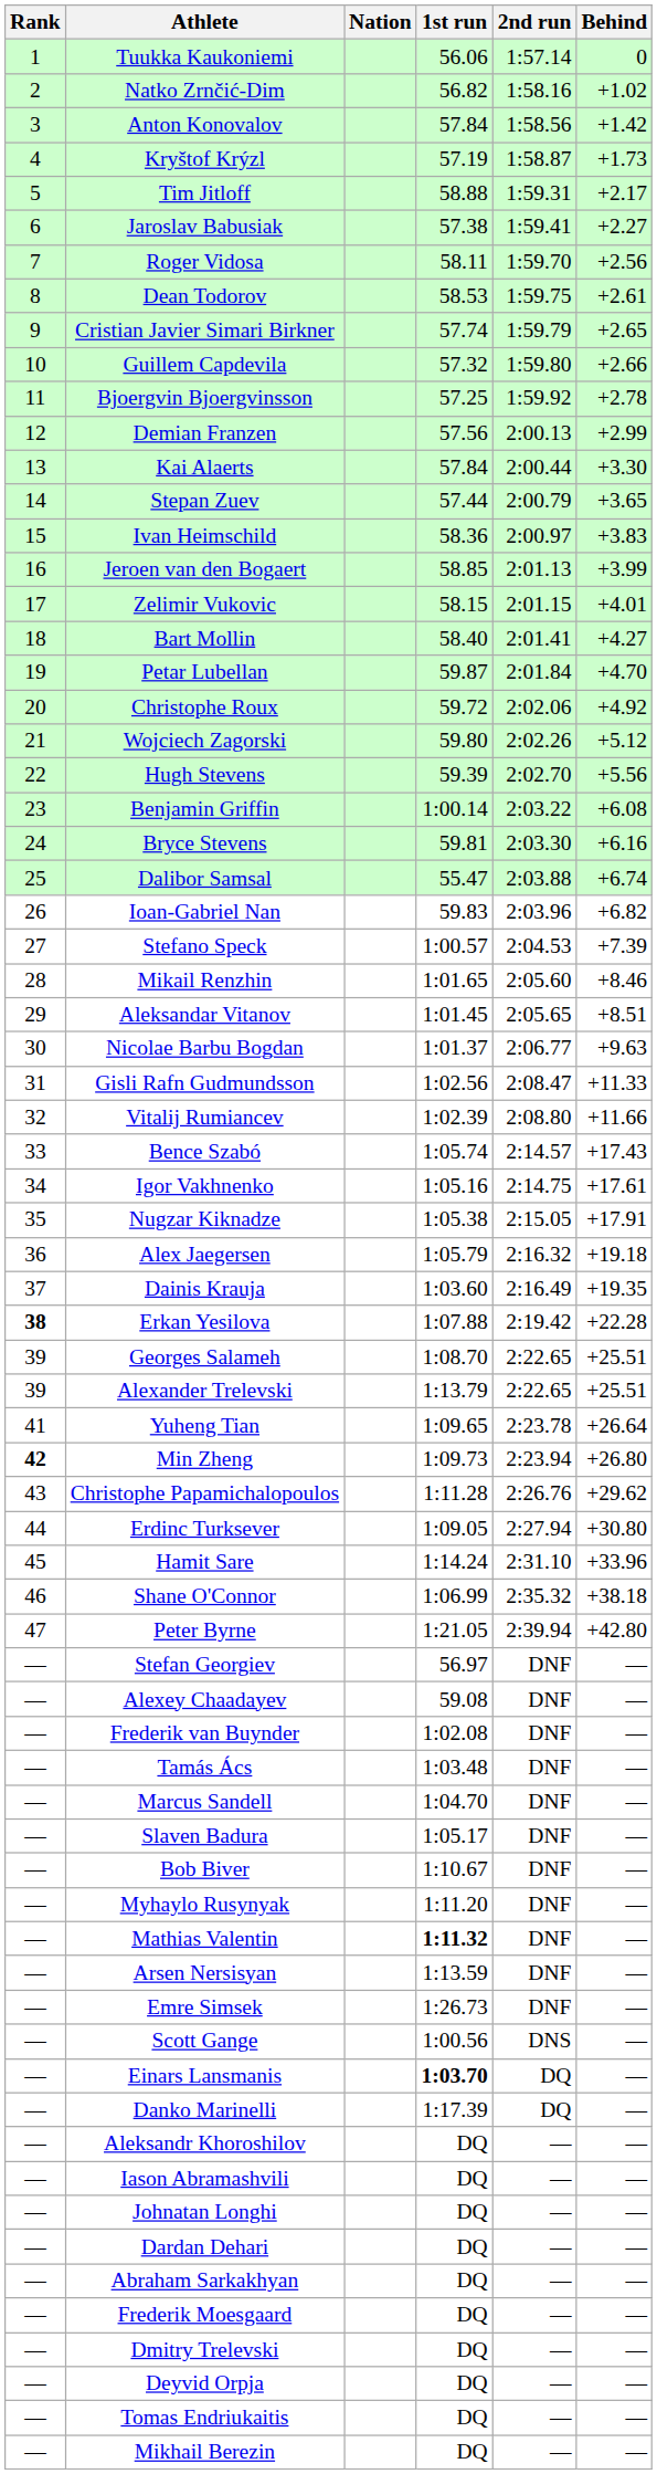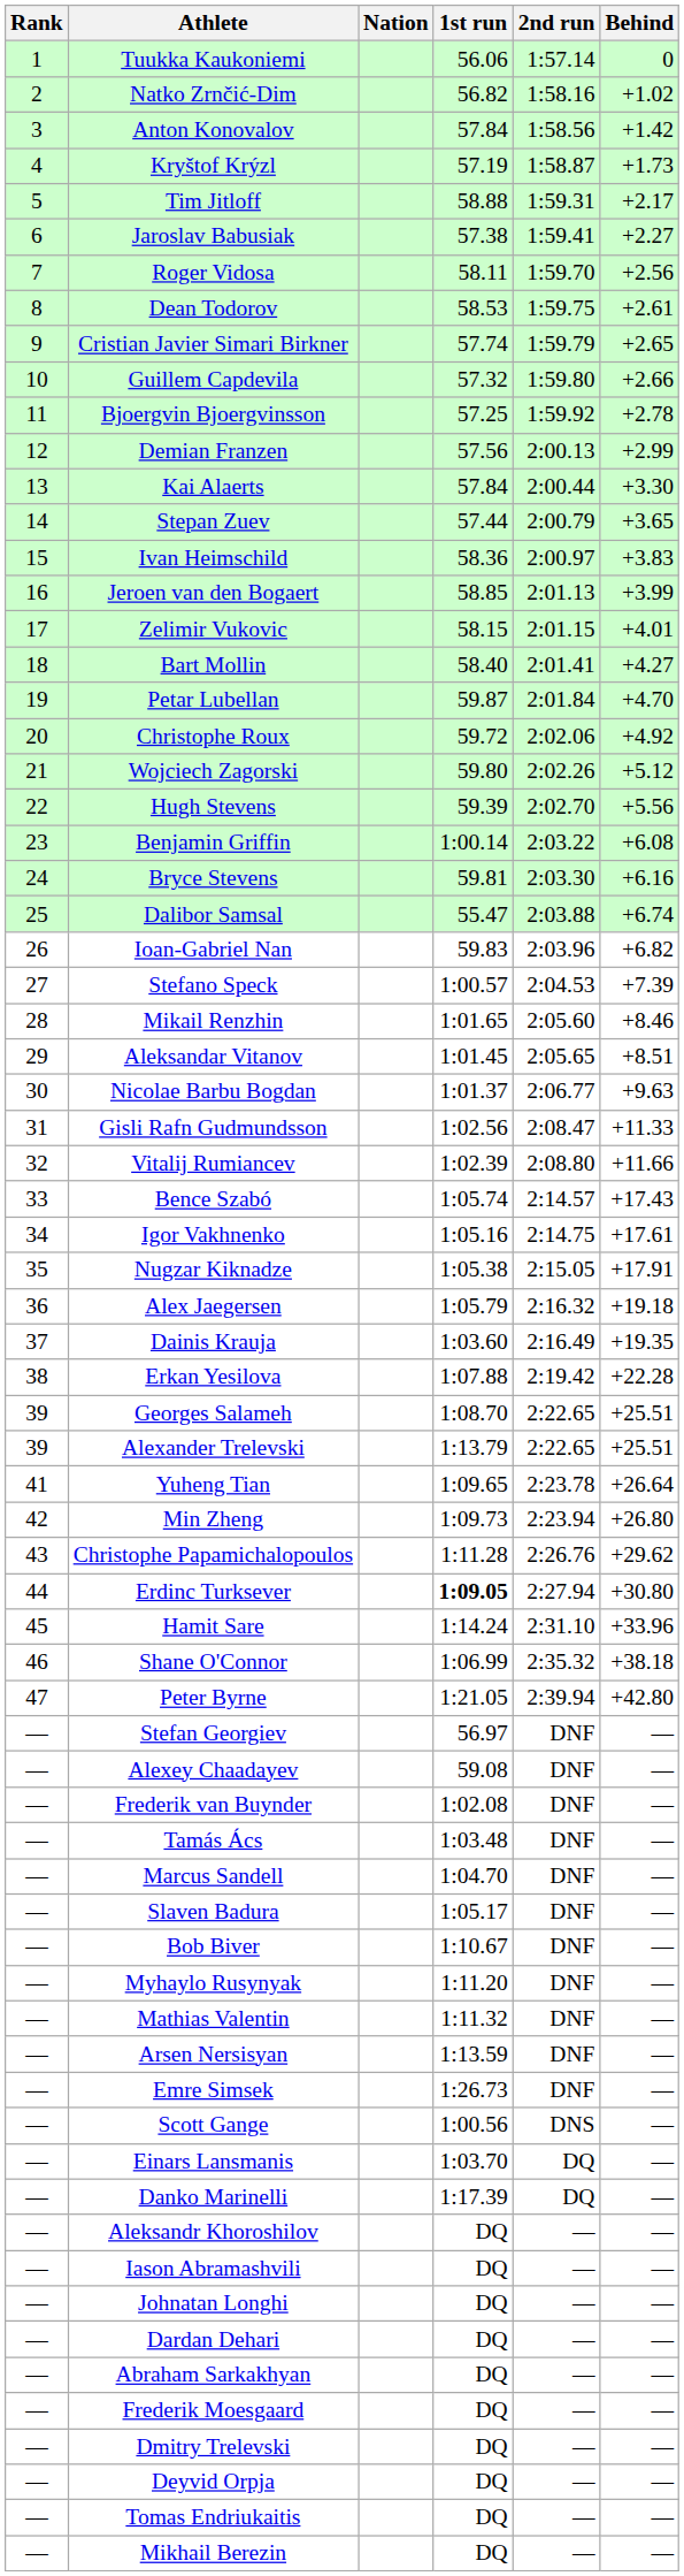 <table class=wikitable>
 <tr>
 <th>Rank</th>
 <th>Athlete</th>
 <th>Nation</th>
 <th>1st run</th>
 <th>2nd run</th>
 <th>Behind</th>
 </tr>
 <tr bgcolor="#CCFFCC">
 <td align="center">1</td>
 <td align="center"><a href='#'>Tuukka Kaukoniemi</a></td>
 <td></td>
 <td align="right">56.06</td>
 <td align="right">1:57.14</td>
 <td align="right">0</td>
 </tr>
 <tr bgcolor="#CCFFCC">
 <td align="center">2</td>
 <td align="center"><a href='#'>Natko Zrnčić-Dim</a></td>
 <td></td>
 <td align="right">56.82</td>
 <td align="right">1:58.16</td>
 <td align="right">+1.02</td>
 </tr>
 <tr bgcolor="#CCFFCC">
 <td align="center">3</td>
 <td align="center"><a href='#'>Anton Konovalov</a></td>
 <td></td>
 <td align="right">57.84</td>
 <td align="right">1:58.56</td>
 <td align="right">+1.42</td>
 </tr>
 <tr bgcolor="#CCFFCC">
 <td align="center">4</td>
 <td align="center"><a href='#'>Kryštof Krýzl</a></td>
 <td></td>
 <td align="right">57.19</td>
 <td align="right">1:58.87</td>
 <td align="right">+1.73</td>
 </tr>
 <tr bgcolor="#CCFFCC">
 <td align="center">5</td>
 <td align="center"><a href='#'>Tim Jitloff</a></td>
 <td></td>
 <td align="right">58.88</td>
 <td align="right">1:59.31</td>
 <td align="right">+2.17</td>
 </tr>
 <tr bgcolor="#CCFFCC">
 <td align="center">6</td>
 <td align="center"><a href='#'>Jaroslav Babusiak</a></td>
 <td></td>
 <td align="right">57.38</td>
 <td align="right">1:59.41</td>
 <td align="right">+2.27</td>
 </tr>
 <tr bgcolor="#CCFFCC">
 <td align="center">7</td>
 <td align="center"><a href='#'>Roger Vidosa</a></td>
 <td></td>
 <td align="right">58.11</td>
 <td align="right">1:59.70</td>
 <td align="right">+2.56</td>
 </tr>
 <tr bgcolor="#CCFFCC">
 <td align="center">8</td>
 <td align="center"><a href='#'>Dean Todorov</a></td>
 <td></td>
 <td align="right">58.53</td>
 <td align="right">1:59.75</td>
 <td align="right">+2.61</td>
 </tr>
 <tr bgcolor="#CCFFCC">
 <td align="center">9</td>
 <td align="center"><a href='#'>Cristian Javier Simari Birkner</a></td>
 <td></td>
 <td align="right">57.74</td>
 <td align="right">1:59.79</td>
 <td align="right">+2.65</td>
 </tr>
 <tr bgcolor="#CCFFCC">
 <td align="center">10</td>
 <td align="center"><a href='#'>Guillem Capdevila</a></td>
 <td></td>
 <td align="right">57.32</td>
 <td align="right">1:59.80</td>
 <td align="right">+2.66</td>
 </tr>
 <tr bgcolor="#CCFFCC">
 <td align="center">11</td>
 <td align="center"><a href='#'>Bjoergvin Bjoergvinsson</a></td>
 <td></td>
 <td align="right">57.25</td>
 <td align="right">1:59.92</td>
 <td align="right">+2.78</td>
 </tr>
 <tr bgcolor="#CCFFCC">
 <td align="center">12</td>
 <td align="center"><a href='#'>Demian Franzen</a></td>
 <td></td>
 <td align="right">57.56</td>
 <td align="right">2:00.13</td>
 <td align="right">+2.99</td>
 </tr>
 <tr bgcolor="#CCFFCC">
 <td align="center">13</td>
 <td align="center"><a href='#'>Kai Alaerts</a></td>
 <td></td>
 <td align="right">57.84</td>
 <td align="right">2:00.44</td>
 <td align="right">+3.30</td>
 </tr>
 <tr bgcolor="#CCFFCC">
 <td align="center">14</td>
 <td align="center"><a href='#'>Stepan Zuev</a></td>
 <td></td>
 <td align="right">57.44</td>
 <td align="right">2:00.79</td>
 <td align="right">+3.65</td>
 </tr>
 <tr bgcolor="#CCFFCC">
 <td align="center">15</td>
 <td align="center"><a href='#'>Ivan Heimschild</a></td>
 <td></td>
 <td align="right">58.36</td>
 <td align="right">2:00.97</td>
 <td align="right">+3.83</td>
 </tr>
 <tr bgcolor="#CCFFCC">
 <td align="center">16</td>
 <td align="center"><a href='#'>Jeroen van den Bogaert</a></td>
 <td></td>
 <td align="right">58.85</td>
 <td align="right">2:01.13</td>
 <td align="right">+3.99</td>
 </tr>
 <tr bgcolor="#CCFFCC">
 <td align="center">17</td>
 <td align="center"><a href='#'>Zelimir Vukovic</a></td>
 <td></td>
 <td align="right">58.15</td>
 <td align="right">2:01.15</td>
 <td align="right">+4.01</td>
 </tr>
 <tr bgcolor="#CCFFCC">
 <td align="center">18</td>
 <td align="center"><a href='#'>Bart Mollin</a></td>
 <td></td>
 <td align="right">58.40</td>
 <td align="right">2:01.41</td>
 <td align="right">+4.27</td>
 </tr>
 <tr bgcolor="#CCFFCC">
 <td align="center">19</td>
 <td align="center"><a href='#'>Petar Lubellan</a></td>
 <td></td>
 <td align="right">59.87</td>
 <td align="right">2:01.84</td>
 <td align="right">+4.70</td>
 </tr>
 <tr bgcolor="#CCFFCC">
 <td align="center">20</td>
 <td align="center"><a href='#'>Christophe Roux</a></td>
 <td></td>
 <td align="right">59.72</td>
 <td align="right">2:02.06</td>
 <td align="right">+4.92</td>
 </tr>
 <tr bgcolor="#CCFFCC">
 <td align="center">21</td>
 <td align="center"><a href='#'>Wojciech Zagorski</a></td>
 <td></td>
 <td align="right">59.80</td>
 <td align="right">2:02.26</td>
 <td align="right">+5.12</td>
 </tr>
 <tr bgcolor="#CCFFCC">
 <td align="center">22</td>
 <td align="center"><a href='#'>Hugh Stevens</a></td>
 <td></td>
 <td align="right">59.39</td>
 <td align="right">2:02.70</td>
 <td align="right">+5.56</td>
 </tr>
 <tr bgcolor="#CCFFCC">
 <td align="center">23</td>
 <td align="center"><a href='#'>Benjamin Griffin</a></td>
 <td></td>
 <td align="right">1:00.14</td>
 <td align="right">2:03.22</td>
 <td align="right">+6.08</td>
 </tr>
 <tr bgcolor="#CCFFCC">
 <td align="center">24</td>
 <td align="center"><a href='#'>Bryce Stevens</a></td>
 <td></td>
 <td align="right">59.81</td>
 <td align="right">2:03.30</td>
 <td align="right">+6.16</td>
 </tr>
 <tr bgcolor="#CCFFCC">
 <td align="center">25</td>
 <td align="center"><a href='#'>Dalibor Samsal</a></td>
 <td></td>
 <td align="right">55.47</td>
 <td align="right">2:03.88</td>
 <td align="right">+6.74</td>
 </tr>
 <tr bgcolor="#FFFFFF">
 <td align="center">26</td>
 <td align="center"><a href='#'>Ioan-Gabriel Nan</a></td>
 <td></td>
 <td align="right">59.83</td>
 <td align="right">2:03.96</td>
 <td align="right">+6.82</td>
 </tr>
 <tr bgcolor="#FFFFFF">
 <td align="center">27</td>
 <td align="center"><a href='#'>Stefano Speck</a></td>
 <td></td>
 <td align="right">1:00.57</td>
 <td align="right">2:04.53</td>
 <td align="right">+7.39</td>
 </tr>
 <tr bgcolor="#FFFFFF">
 <td align="center">28</td>
 <td align="center"><a href='#'>Mikail Renzhin</a></td>
 <td></td>
 <td align="right">1:01.65</td>
 <td align="right">2:05.60</td>
 <td align="right">+8.46</td>
 </tr>
 <tr bgcolor="#FFFFFF">
 <td align="center">29</td>
 <td align="center"><a href='#'>Aleksandar Vitanov</a></td>
 <td></td>
 <td align="right">1:01.45</td>
 <td align="right">2:05.65</td>
 <td align="right">+8.51</td>
 </tr>
 <tr bgcolor="#FFFFFF">
 <td align="center">30</td>
 <td align="center"><a href='#'>Nicolae Barbu Bogdan</a></td>
 <td></td>
 <td align="right">1:01.37</td>
 <td align="right">2:06.77</td>
 <td align="right">+9.63</td>
 </tr>
 <tr bgcolor="#FFFFFF">
 <td align="center">31</td>
 <td align="center"><a href='#'>Gisli Rafn Gudmundsson</a></td>
 <td></td>
 <td align="right">1:02.56</td>
 <td align="right">2:08.47</td>
 <td align="right">+11.33</td>
 </tr>
 <tr bgcolor="#FFFFFF">
 <td align="center">32</td>
 <td align="center"><a href='#'>Vitalij Rumiancev</a></td>
 <td></td>
 <td align="right">1:02.39</td>
 <td align="right">2:08.80</td>
 <td align="right">+11.66</td>
 </tr>
 <tr bgcolor="#FFFFFF">
 <td align="center">33</td>
 <td align="center"><a href='#'>Bence Szabó</a></td>
 <td></td>
 <td align="right">1:05.74</td>
 <td align="right">2:14.57</td>
 <td align="right">+17.43</td>
 </tr>
 <tr bgcolor="#FFFFFF">
 <td align="center">34</td>
 <td align="center"><a href='#'>Igor Vakhnenko</a></td>
 <td></td>
 <td align="right">1:05.16</td>
 <td align="right">2:14.75</td>
 <td align="right">+17.61</td>
 </tr>
 <tr bgcolor="#FFFFFF">
 <td align="center">35</td>
 <td align="center"><a href='#'>Nugzar Kiknadze</a></td>
 <td></td>
 <td align="right">1:05.38</td>
 <td align="right">2:15.05</td>
 <td align="right">+17.91</td>
 </tr>
 <tr bgcolor="#FFFFFF">
 <td align="center">36</td>
 <td align="center"><a href='#'>Alex Jaegersen</a></td>
 <td></td>
 <td align="right">1:05.79</td>
 <td align="right">2:16.32</td>
 <td align="right">+19.18</td>
 </tr>
 <tr bgcolor="#FFFFFF">
 <td align="center">37</td>
 <td align="center"><a href='#'>Dainis Krauja</a></td>
 <td></td>
 <td align="right">1:03.60</td>
 <td align="right">2:16.49</td>
 <td align="right">+19.35</td>
 </tr>
 <tr bgcolor="#FFFFFF">
-<td align="center"><strong>38</strong></td>
+<td align="center">38</td>
 <td align="center"><a href='#'>Erkan Yesilova</a></td>
 <td></td>
 <td align="right">1:07.88</td>
 <td align="right">2:19.42</td>
 <td align="right">+22.28</td>
 </tr>
 <tr bgcolor="#FFFFFF">
 <td align="center">39</td>
 <td align="center"><a href='#'>Georges Salameh</a></td>
 <td></td>
 <td align="right">1:08.70</td>
 <td align="right">2:22.65</td>
 <td align="right">+25.51</td>
 </tr>
 <tr bgcolor="#FFFFFF">
 <td align="center">39</td>
 <td align="center"><a href='#'>Alexander Trelevski</a></td>
 <td></td>
 <td align="right">1:13.79</td>
 <td align="right">2:22.65</td>
 <td align="right">+25.51</td>
 </tr>
 <tr bgcolor="#FFFFFF">
 <td align="center">41</td>
 <td align="center"><a href='#'>Yuheng Tian</a></td>
 <td></td>
 <td align="right">1:09.65</td>
 <td align="right">2:23.78</td>
 <td align="right">+26.64</td>
 </tr>
 <tr bgcolor="#FFFFFF">
-<td align="center"><strong>42</strong></td>
+<td align="center">42</td>
 <td align="center"><a href='#'>Min Zheng</a></td>
 <td></td>
 <td align="right">1:09.73</td>
 <td align="right">2:23.94</td>
 <td align="right">+26.80</td>
 </tr>
 <tr bgcolor="#FFFFFF">
 <td align="center">43</td>
 <td align="center"><a href='#'>Christophe Papamichalopoulos</a></td>
 <td></td>
 <td align="right">1:11.28</td>
 <td align="right">2:26.76</td>
 <td align="right">+29.62</td>
 </tr>
 <tr bgcolor="#FFFFFF">
 <td align="center">44</td>
 <td align="center"><a href='#'>Erdinc Turksever</a></td>
 <td></td>
-<td align="right">1:09.05</td>
+<td align="right"><strong>1:09.05</strong></td>
 <td align="right">2:27.94</td>
 <td align="right">+30.80</td>
 </tr>
 <tr bgcolor="#FFFFFF">
 <td align="center">45</td>
 <td align="center"><a href='#'>Hamit Sare</a></td>
 <td></td>
 <td align="right">1:14.24</td>
 <td align="right">2:31.10</td>
 <td align="right">+33.96</td>
 </tr>
 <tr bgcolor="#FFFFFF">
 <td align="center">46</td>
 <td align="center"><a href='#'>Shane O'Connor</a></td>
 <td></td>
 <td align="right">1:06.99</td>
 <td align="right">2:35.32</td>
 <td align="right">+38.18</td>
 </tr>
 <tr bgcolor="#FFFFFF">
 <td align="center">47</td>
 <td align="center"><a href='#'>Peter Byrne</a></td>
 <td></td>
 <td align="right">1:21.05</td>
 <td align="right">2:39.94</td>
 <td align="right">+42.80</td>
 </tr>
 <tr bgcolor="#FFFFFF">
 <td align="center">—</td>
 <td align="center"><a href='#'>Stefan Georgiev</a></td>
 <td></td>
 <td align="right">56.97</td>
 <td align="right">DNF</td>
 <td align="right">—</td>
 </tr>
 <tr bgcolor="#FFFFFF">
 <td align="center">—</td>
 <td align="center"><a href='#'>Alexey Chaadayev</a></td>
 <td></td>
 <td align="right">59.08</td>
 <td align="right">DNF</td>
 <td align="right">—</td>
 </tr>
 <tr bgcolor="#FFFFFF">
 <td align="center">—</td>
 <td align="center"><a href='#'>Frederik van Buynder</a></td>
 <td></td>
 <td align="right">1:02.08</td>
 <td align="right">DNF</td>
 <td align="right">—</td>
 </tr>
 <tr bgcolor="#FFFFFF">
 <td align="center">—</td>
 <td align="center"><a href='#'>Tamás Ács</a></td>
 <td></td>
 <td align="right">1:03.48</td>
 <td align="right">DNF</td>
 <td align="right">—</td>
 </tr>
 <tr bgcolor="#FFFFFF">
 <td align="center">—</td>
 <td align="center"><a href='#'>Marcus Sandell</a></td>
 <td></td>
 <td align="right">1:04.70</td>
 <td align="right">DNF</td>
 <td align="right">—</td>
 </tr>
 <tr bgcolor="#FFFFFF">
 <td align="center">—</td>
 <td align="center"><a href='#'>Slaven Badura</a></td>
 <td></td>
 <td align="right">1:05.17</td>
 <td align="right">DNF</td>
 <td align="right">—</td>
 </tr>
 <tr bgcolor="#FFFFFF">
 <td align="center">—</td>
 <td align="center"><a href='#'>Bob Biver</a></td>
 <td></td>
 <td align="right">1:10.67</td>
 <td align="right">DNF</td>
 <td align="right">—</td>
 </tr>
 <tr bgcolor="#FFFFFF">
 <td align="center">—</td>
 <td align="center"><a href='#'>Myhaylo Rusynyak</a></td>
 <td></td>
 <td align="right">1:11.20</td>
 <td align="right">DNF</td>
 <td align="right">—</td>
 </tr>
 <tr bgcolor="#FFFFFF">
 <td align="center">—</td>
 <td align="center"><a href='#'>Mathias Valentin</a></td>
 <td></td>
-<td align="right"><strong>1:11.32</strong></td>
+<td align="right">1:11.32</td>
 <td align="right">DNF</td>
 <td align="right">—</td>
 </tr>
 <tr bgcolor="#FFFFFF">
 <td align="center">—</td>
 <td align="center"><a href='#'>Arsen Nersisyan</a></td>
 <td></td>
 <td align="right">1:13.59</td>
 <td align="right">DNF</td>
 <td align="right">—</td>
 </tr>
 <tr bgcolor="#FFFFFF">
 <td align="center">—</td>
 <td align="center"><a href='#'>Emre Simsek</a></td>
 <td></td>
 <td align="right">1:26.73</td>
 <td align="right">DNF</td>
 <td align="right">—</td>
 </tr>
 <tr bgcolor="#FFFFFF">
 <td align="center">—</td>
 <td align="center"><a href='#'>Scott Gange</a></td>
 <td></td>
 <td align="right">1:00.56</td>
 <td align="right">DNS</td>
 <td align="right">—</td>
 </tr>
 <tr bgcolor="#FFFFFF">
 <td align="center">—</td>
 <td align="center"><a href='#'>Einars Lansmanis</a></td>
 <td></td>
-<td align="right"><strong>1:03.70</strong></td>
+<td align="right">1:03.70</td>
 <td align="right">DQ</td>
 <td align="right">—</td>
 </tr>
 <tr bgcolor="#FFFFFF">
 <td align="center">—</td>
 <td align="center"><a href='#'>Danko Marinelli</a></td>
 <td></td>
 <td align="right">1:17.39</td>
 <td align="right">DQ</td>
 <td align="right">—</td>
 </tr>
 <tr bgcolor="#FFFFFF">
 <td align="center">—</td>
 <td align="center"><a href='#'>Aleksandr Khoroshilov</a></td>
 <td></td>
 <td align="right">DQ</td>
 <td align="right">—</td>
 <td align="right">—</td>
 </tr>
 <tr bgcolor="#FFFFFF">
 <td align="center">—</td>
 <td align="center"><a href='#'>Iason Abramashvili</a></td>
 <td></td>
 <td align="right">DQ</td>
 <td align="right">—</td>
 <td align="right">—</td>
 </tr>
 <tr bgcolor="#FFFFFF">
 <td align="center">—</td>
 <td align="center"><a href='#'>Johnatan Longhi</a></td>
 <td></td>
 <td align="right">DQ</td>
 <td align="right">—</td>
 <td align="right">—</td>
 </tr>
 <tr bgcolor="#FFFFFF">
 <td align="center">—</td>
 <td align="center"><a href='#'>Dardan Dehari</a></td>
 <td></td>
 <td align="right">DQ</td>
 <td align="right">—</td>
 <td align="right">—</td>
 </tr>
 <tr bgcolor="#FFFFFF">
 <td align="center">—</td>
 <td align="center"><a href='#'>Abraham Sarkakhyan</a></td>
 <td></td>
 <td align="right">DQ</td>
 <td align="right">—</td>
 <td align="right">—</td>
 </tr>
 <tr bgcolor="#FFFFFF">
 <td align="center">—</td>
 <td align="center"><a href='#'>Frederik Moesgaard</a></td>
 <td></td>
 <td align="right">DQ</td>
 <td align="right">—</td>
 <td align="right">—</td>
 </tr>
 <tr bgcolor="#FFFFFF">
 <td align="center">—</td>
 <td align="center"><a href='#'>Dmitry Trelevski</a></td>
 <td></td>
 <td align="right">DQ</td>
 <td align="right">—</td>
 <td align="right">—</td>
 </tr>
 <tr bgcolor="#FFFFFF">
 <td align="center">—</td>
 <td align="center"><a href='#'>Deyvid Orpja</a></td>
 <td></td>
 <td align="right">DQ</td>
 <td align="right">—</td>
 <td align="right">—</td>
 </tr>
 <tr bgcolor="#FFFFFF">
 <td align="center">—</td>
 <td align="center"><a href='#'>Tomas Endriukaitis</a></td>
 <td></td>
 <td align="right">DQ</td>
 <td align="right">—</td>
 <td align="right">—</td>
 </tr>
 <tr bgcolor="#FFFFFF">
 <td align="center">—</td>
 <td align="center"><a href='#'>Mikhail Berezin</a></td>
 <td></td>
 <td align="right">DQ</td>
 <td align="right">—</td>
 <td align="right">—</td>
 </tr>
 </table>
